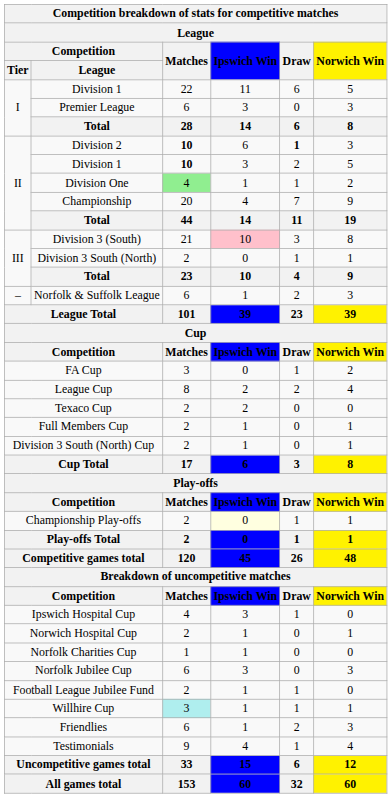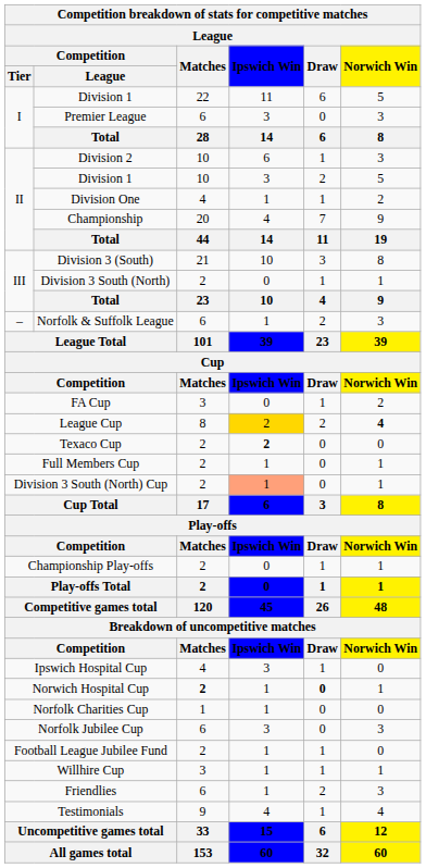 <table class="wikitable" style="text-align: center">
 <tr>
 <th colspan=6>Competition breakdown of stats for competitive matches</th>
 </tr>
 <tr>
 <th colspan=6>League</th>
 </tr>
 <tr>
 <th colspan=2>Competition</th>
 <th rowspan=2>Matches</th>
 <th rowspan=2 style="background:blue"><span><strong>Ipswich Win</strong></span></th>
 <th rowspan=2>Draw</th>
 <th rowspan=2 style="background:#fff200"><span><strong>Norwich Win</strong></span></th>
 </tr>
 <tr>
 <th>Tier</th>
 <th>League</th>
 </tr>
 <tr>
 <td rowspan=3>I</td>
 <td>Division 1</td>
 <td>22</td>
 <td>11</td>
 <td>6</td>
 <td>5</td>
 </tr>
 <tr>
 <td>Premier League</td>
 <td>6</td>
 <td>3</td>
 <td>0</td>
 <td>3</td>
 </tr>
 <tr>
 <th>Total</th>
 <th>28</th>
 <th>14</th>
 <th>6</th>
 <th>8</th>
 </tr>
 <tr>
 <td rowspan=5>II</td>
 <td>Division 2</td>
-<td><strong>10</strong></td>
+<td>10</td>
 <td>6</td>
-<td><strong>1</strong></td>
+<td>1</td>
 <td>3</td>
 </tr>
 <tr>
 <td>Division 1</td>
-<td><strong>10</strong></td>
+<td>10</td>
 <td>3</td>
 <td>2</td>
 <td>5</td>
 </tr>
 <tr>
 <td>Division One</td>
-<td style="background: lightgreen;">4</td>
+<td>4</td>
 <td>1</td>
 <td>1</td>
 <td>2</td>
 </tr>
 <tr>
 <td>Championship</td>
 <td>20</td>
 <td>4</td>
 <td>7</td>
 <td>9</td>
 </tr>
 <tr>
 <th>Total</th>
 <th>44</th>
 <th>14</th>
 <th>11</th>
 <th>19</th>
 </tr>
 <tr>
 <td rowspan=3>III</td>
 <td>Division 3 (South)</td>
 <td>21</td>
-<td style="background: pink;">10</td>
+<td>10</td>
 <td>3</td>
 <td>8</td>
 </tr>
 <tr>
 <td>Division 3 South (North)</td>
 <td>2</td>
 <td>0</td>
 <td>1</td>
 <td>1</td>
 </tr>
 <tr>
 <th>Total</th>
 <th>23</th>
 <th>10</th>
 <th>4</th>
 <th>9</th>
 </tr>
 <tr>
 <td>–</td>
 <td>Norfolk & Suffolk League</td>
 <td>6</td>
 <td>1</td>
 <td>2</td>
 <td>3</td>
 </tr>
 <tr>
 <th colspan=2>League Total</th>
 <th>101</th>
 <th style="background:blue"><span><strong>39</strong></span></th>
 <th>23</th>
 <th style="background:#fff200"><span><strong>39</strong></span></th>
 </tr>
 <tr>
 <th colspan=6>Cup</th>
 </tr>
 <tr>
 <th colspan=2>Competition</th>
 <th>Matches</th>
 <th style="background:blue"><span><strong>Ipswich Win</strong></span></th>
 <th>Draw</th>
 <th style="background:#fff200"><span><strong>Norwich Win</strong></span></th>
 </tr>
 <tr>
 <td colspan=2>FA Cup</td>
 <td>3</td>
 <td>0</td>
 <td>1</td>
 <td>2</td>
 </tr>
 <tr>
 <td colspan=2>League Cup</td>
 <td>8</td>
+<td style="background: gold;">2</td>
 <td>2</td>
-<td>2</td>
-<td>4</td>
+<td><strong>4</strong></td>
 </tr>
 <tr>
 <td colspan=2>Texaco Cup</td>
 <td>2</td>
-<td>2</td>
+<td><strong>2</strong></td>
 <td>0</td>
 <td>0</td>
 </tr>
 <tr>
 <td colspan=2>Full Members Cup</td>
 <td>2</td>
 <td>1</td>
 <td>0</td>
 <td>1</td>
 </tr>
 <tr>
 <td colspan=2>Division 3 South (North) Cup</td>
 <td>2</td>
-<td>1</td>
+<td style="background: lightsalmon;">1</td>
 <td>0</td>
 <td>1</td>
 </tr>
 <tr>
 <th colspan=2>Cup Total</th>
 <th>17</th>
 <th style="background:blue"><span><strong>6</strong></span></th>
 <th>3</th>
 <th style="background:#fff200"><span><strong>8</strong></span></th>
 </tr>
 <tr>
 <th colspan=6>Play-offs</th>
 </tr>
 <tr>
 <th colspan=2>Competition</th>
 <th>Matches</th>
 <th style="background:blue"><span><strong>Ipswich Win</strong></span></th>
 <th>Draw</th>
 <th style="background:#fff200"><span><strong>Norwich Win</strong></span></th>
 </tr>
 <tr>
 <td colspan=2>Championship Play-offs</td>
 <td>2</td>
-<td style="background: lightyellow;">0</td>
+<td>0</td>
 <td>1</td>
 <td>1</td>
 </tr>
 <tr>
 <th colspan=2>Play-offs Total</th>
 <th>2</th>
 <th style="background:blue"><span><strong>0</strong></span></th>
 <th>1</th>
 <th style="background:#fff200"><span><strong>1</strong></span></th>
 </tr>
 <tr>
 <th colspan=2>Competitive games total</th>
 <th>120</th>
 <th style="background:blue"><span><strong>45</strong></span></th>
 <th>26</th>
 <th style="background:#fff200"><span><strong>48</strong></span></th>
 </tr>
 <tr>
 <th colspan=6>Breakdown of uncompetitive matches</th>
 </tr>
 <tr>
 <th colspan=2>Competition</th>
 <th>Matches</th>
 <th style="background:blue"><span><strong>Ipswich Win</strong></span></th>
 <th>Draw</th>
 <th style="background:#fff200"><span><strong>Norwich Win</strong></span></th>
 </tr>
 <tr>
 <td colspan=2>Ipswich Hospital Cup</td>
 <td>4</td>
 <td>3</td>
 <td>1</td>
 <td>0</td>
 </tr>
 <tr>
 <td colspan=2>Norwich Hospital Cup</td>
-<td>2</td>
+<td><strong>2</strong></td>
 <td>1</td>
-<td>0</td>
+<td><strong>0</strong></td>
 <td>1</td>
 </tr>
 <tr>
 <td colspan=2>Norfolk Charities Cup</td>
 <td>1</td>
 <td>1</td>
 <td>0</td>
 <td>0</td>
 </tr>
 <tr>
 <td colspan=2>Norfolk Jubilee Cup</td>
 <td>6</td>
 <td>3</td>
 <td>0</td>
 <td>3</td>
 </tr>
 <tr>
 <td colspan=2>Football League Jubilee Fund</td>
 <td>2</td>
 <td>1</td>
 <td>1</td>
 <td>0</td>
 </tr>
 <tr>
 <td colspan=2>Willhire Cup</td>
-<td style="background: paleturquoise;">3</td>
+<td>3</td>
 <td>1</td>
 <td>1</td>
 <td>1</td>
 </tr>
 <tr>
 <td colspan=2>Friendlies</td>
 <td>6</td>
 <td>1</td>
 <td>2</td>
 <td>3</td>
 </tr>
 <tr>
 <td colspan=2>Testimonials</td>
 <td>9</td>
 <td>4</td>
 <td>1</td>
 <td>4</td>
 </tr>
 <tr>
 <th colspan=2>Uncompetitive games total</th>
 <th>33</th>
 <th style="background:blue"><span><strong>15</strong></span></th>
 <th>6</th>
 <th style="background:#fff200"><span><strong>12</strong></span></th>
 </tr>
 <tr>
 <th colspan=2>All games total</th>
 <th>153</th>
 <th style="background:blue"><span><strong>60</strong></span></th>
 <th>32</th>
 <th style="background:#fff200"><span><strong>60</strong></span></th>
 </tr>
 </table>
